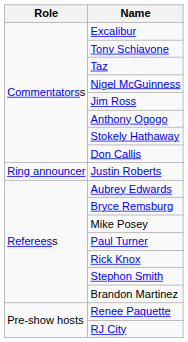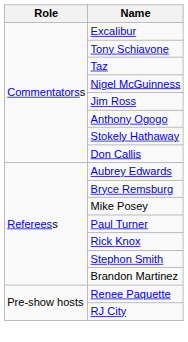 <table class=wikitable style="font-size:90%; margin: 0.5em 0 0.5em 1em; float: right; clear: right;">
 <tr>
 <th>Role</th>
 <th>Name</th>
 </tr>
 <tr>
 <td rowspan="8"><a href='#'>Commentators</a>s</td>
 <td><a href='#'>Excalibur</a> </td>
 </tr>
 <tr>
 <td><a href='#'>Tony Schiavone</a> </td>
 </tr>
 <tr>
 <td><a href='#'>Taz</a> </td>
 </tr>
 <tr>
 <td><a href='#'>Nigel McGuinness</a> </td>
 </tr>
 <tr>
 <td><a href='#'>Jim Ross</a> </td>
 </tr>
 <tr>
 <td><a href='#'>Anthony Ogogo</a> </td>
 </tr>
 <tr>
 <td><a href='#'>Stokely Hathaway</a> </td>
 </tr>
 <tr>
 <td><a href='#'>Don Callis</a> </td>
 </tr>
 <tr>
-<td><a href='#'>Ring announcer</a></td>
-<td><a href='#'>Justin Roberts</a></td>
-</tr>
-<tr>
 <td rowspan=7><a href='#'>Referees</a>s</td>
 <td><a href='#'>Aubrey Edwards</a></td>
 </tr>
 <tr>
 <td><a href='#'>Bryce Remsburg</a></td>
 </tr>
 <tr>
 <td>Mike Posey</td>
 </tr>
 <tr>
 <td><a href='#'>Paul Turner</a></td>
 </tr>
 <tr>
 <td><a href='#'>Rick Knox</a></td>
 </tr>
 <tr>
 <td><a href='#'>Stephon Smith</a></td>
 </tr>
 <tr>
 <td>Brandon Martinez</td>
 </tr>
 <tr>
 <td rowspan=2>Pre-show hosts</td>
 <td><a href='#'>Renee Paquette</a></td>
 </tr>
 <tr>
 <td><a href='#'>RJ City</a></td>
 </tr>
 </table>
